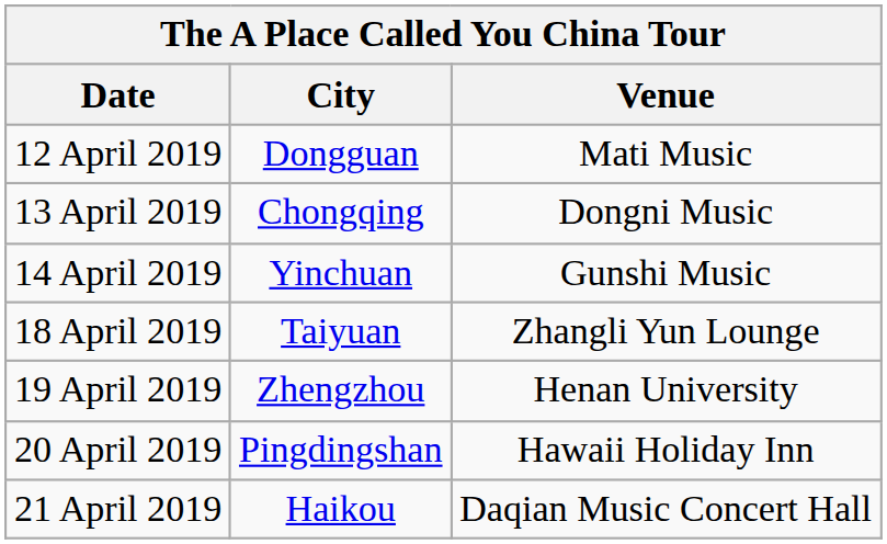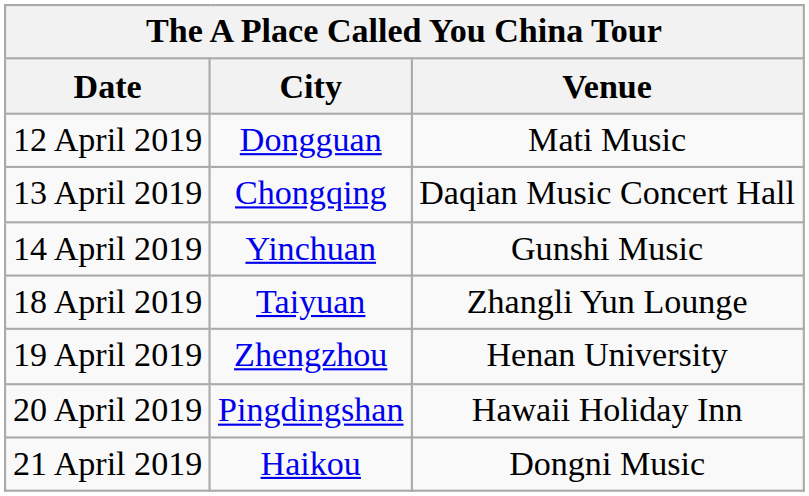 <table class="wikitable" style="text-align:center;">
 <tr>
 <th colspan="4">The A Place Called You China Tour</th>
 </tr>
 <tr>
 <th>Date</th>
 <th>City</th>
 <th>Venue</th>
 </tr>
 <tr>
 <td>12 April 2019</td>
 <td><a href='#'>Dongguan</a></td>
 <td>Mati Music</td>
 </tr>
 <tr>
 <td>13 April 2019</td>
 <td><a href='#'>Chongqing</a></td>
-<td>Dongni Music</td>
+<td>Daqian Music Concert Hall</td>
 </tr>
 <tr>
 <td>14 April 2019</td>
 <td><a href='#'>Yinchuan</a></td>
 <td>Gunshi Music</td>
 </tr>
 <tr>
 <td>18 April 2019</td>
 <td><a href='#'>Taiyuan</a></td>
 <td>Zhangli Yun Lounge</td>
 </tr>
 <tr>
 <td>19 April 2019</td>
 <td><a href='#'>Zhengzhou</a></td>
 <td>Henan University</td>
 </tr>
 <tr>
 <td>20 April 2019</td>
 <td><a href='#'>Pingdingshan</a></td>
 <td>Hawaii Holiday Inn</td>
 </tr>
 <tr>
 <td>21 April 2019</td>
 <td><a href='#'>Haikou</a></td>
-<td>Daqian Music Concert Hall</td>
+<td>Dongni Music</td>
 </tr>
 </table>
